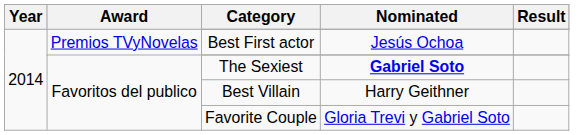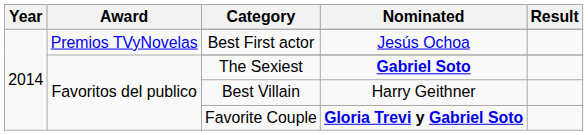 <table class="wikitable plainrowheaders" style="text-align:center;">
 <tr style="background:#96c;">
 <th scope="col">Year</th>
 <th scope="col">Award</th>
 <th scope="col">Category</th>
 <th scope="col">Nominated</th>
 <th scope="col">Result</th>
 </tr>
 <tr>
 <td scope="row" rowspan="10">2014</td>
 <td rowspan="2"><a href='#'>Premios TVyNovelas</a></td>
 </tr>
 <tr>
 <td scope="row">Best First actor</td>
 <td><a href='#'>Jesús Ochoa</a></td>
 <td></td>
 </tr>
 <tr>
 <td rowspan="8">Favoritos del publico</td>
 </tr>
 <tr>
 <td scope="row">The Sexiest</td>
 <td><strong><a href='#'>Gabriel Soto</a></strong></td>
 <td></td>
 </tr>
 <tr>
 <td scope="row">Best Villain</td>
 <td>Harry Geithner</td>
 <td></td>
 </tr>
 <tr>
 <td scope="row">Favorite Couple</td>
-<td><a href='#'>Gloria Trevi</a> y <a href='#'>Gabriel Soto</a></td>
+<td><strong><a href='#'>Gloria Trevi</a> y <a href='#'>Gabriel Soto</a></strong></td>
 <td></td>
 </tr>
 </table>
